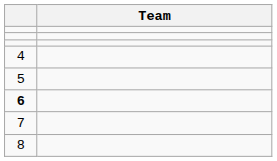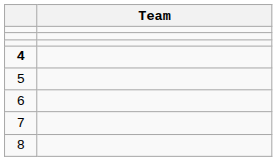 <table class="wikitable" style="text-align:center">
 <tr>
 <th width=25></th>
 <th width=220>Team</th>
 </tr>
 <tr>
 <td></td>
 <td align=left></td>
 </tr>
 <tr>
 <td></td>
 <td align=left></td>
 </tr>
 <tr>
 <td></td>
 <td align=left></td>
 </tr>
 <tr>
-<td>4</td>
+<td><strong>4</strong></td>
 <td align=left></td>
 </tr>
 <tr>
 <td>5</td>
 <td align=left></td>
 </tr>
 <tr>
-<td><strong>6</strong></td>
+<td>6</td>
 <td align=left></td>
 </tr>
 <tr>
 <td>7</td>
 <td align=left></td>
 </tr>
 <tr>
 <td>8</td>
 <td align=left></td>
 </tr>
 </table>
